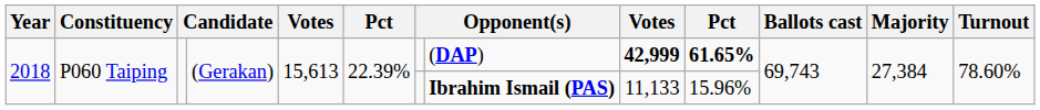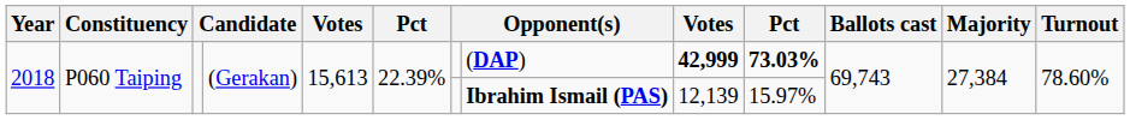 <table class="wikitable" style="margin:0.5em ; font-size:95%">
 <tr>
 <th>Year</th>
 <th>Constituency</th>
 <th colspan="2">Candidate</th>
 <th>Votes</th>
 <th>Pct</th>
 <th colspan="2">Opponent(s)</th>
 <th>Votes</th>
 <th>Pct</th>
 <th>Ballots cast</th>
 <th>Majority</th>
 <th>Turnout</th>
 </tr>
 <tr>
 <td rowspan="2"><a href='#'>2018</a></td>
 <td rowspan="2">P060 <a href='#'>Taiping</a></td>
 <td rowspan="2" ></td>
 <td rowspan="2"> (<a href='#'>Gerakan</a>)</td>
 <td rowspan="2" align="right">15,613</td>
 <td rowspan="2">22.39%</td>
 <td></td>
 <td> (<a href='#'><strong>DAP</strong></a>)</td>
 <td align="right"><strong>42,999</strong></td>
-<td><strong>61.65%</strong></td>
+<td><strong>73.03%</strong></td>
 <td rowspan="2">69,743</td>
 <td rowspan="2">27,384</td>
 <td rowspan="2">78.60%</td>
 </tr>
 <tr>
 <td></td>
 <td><strong>Ibrahim Ismail (<a href='#'>PAS</a>)</strong></td>
-<td align="right">11,133</td>
-<td>15.96%</td>
+<td align="right">12,139</td>
+<td>15.97%</td>
 </tr>
 </table>
